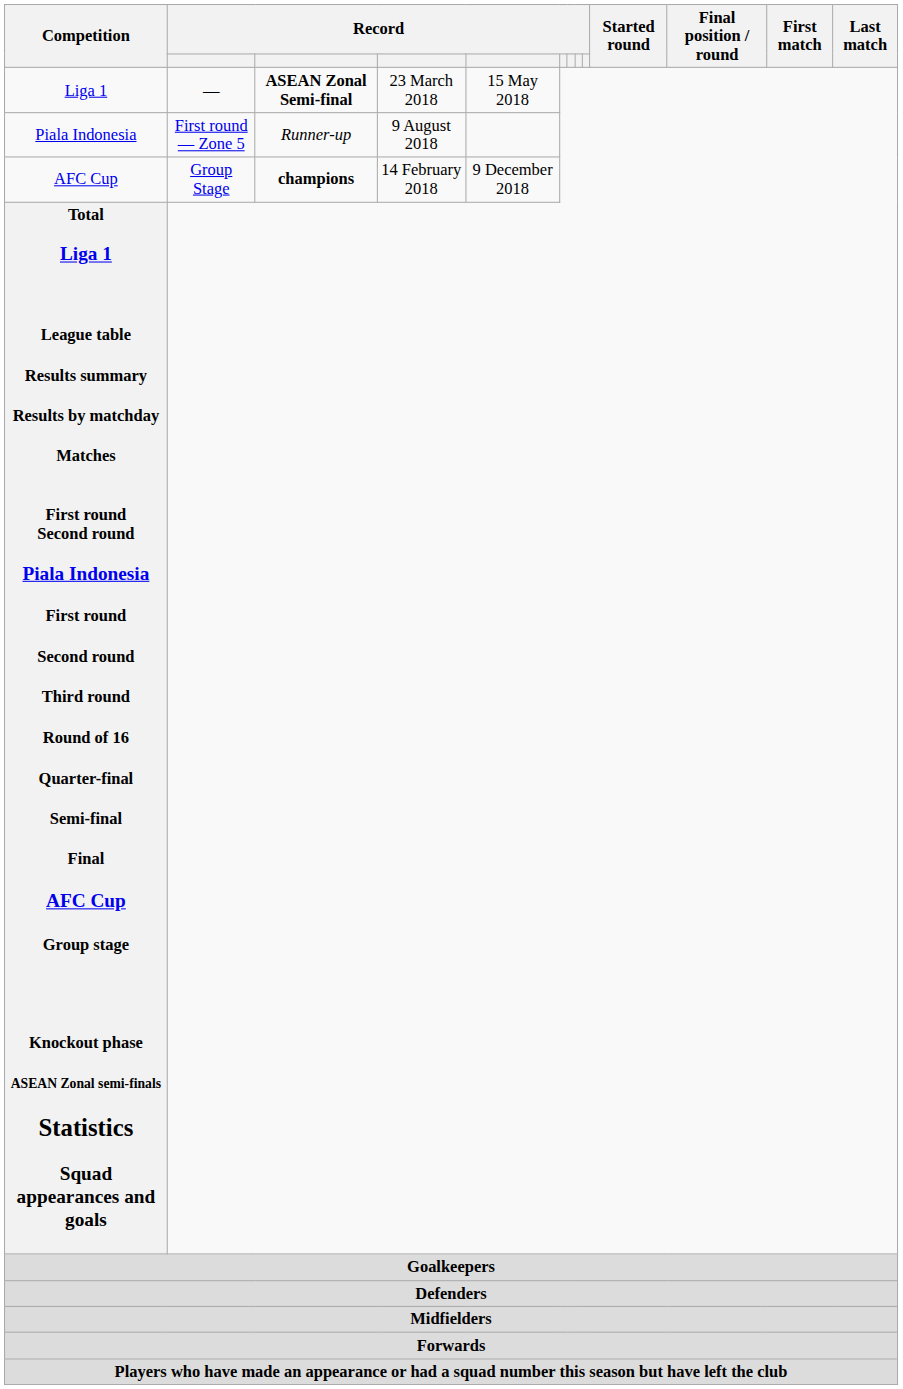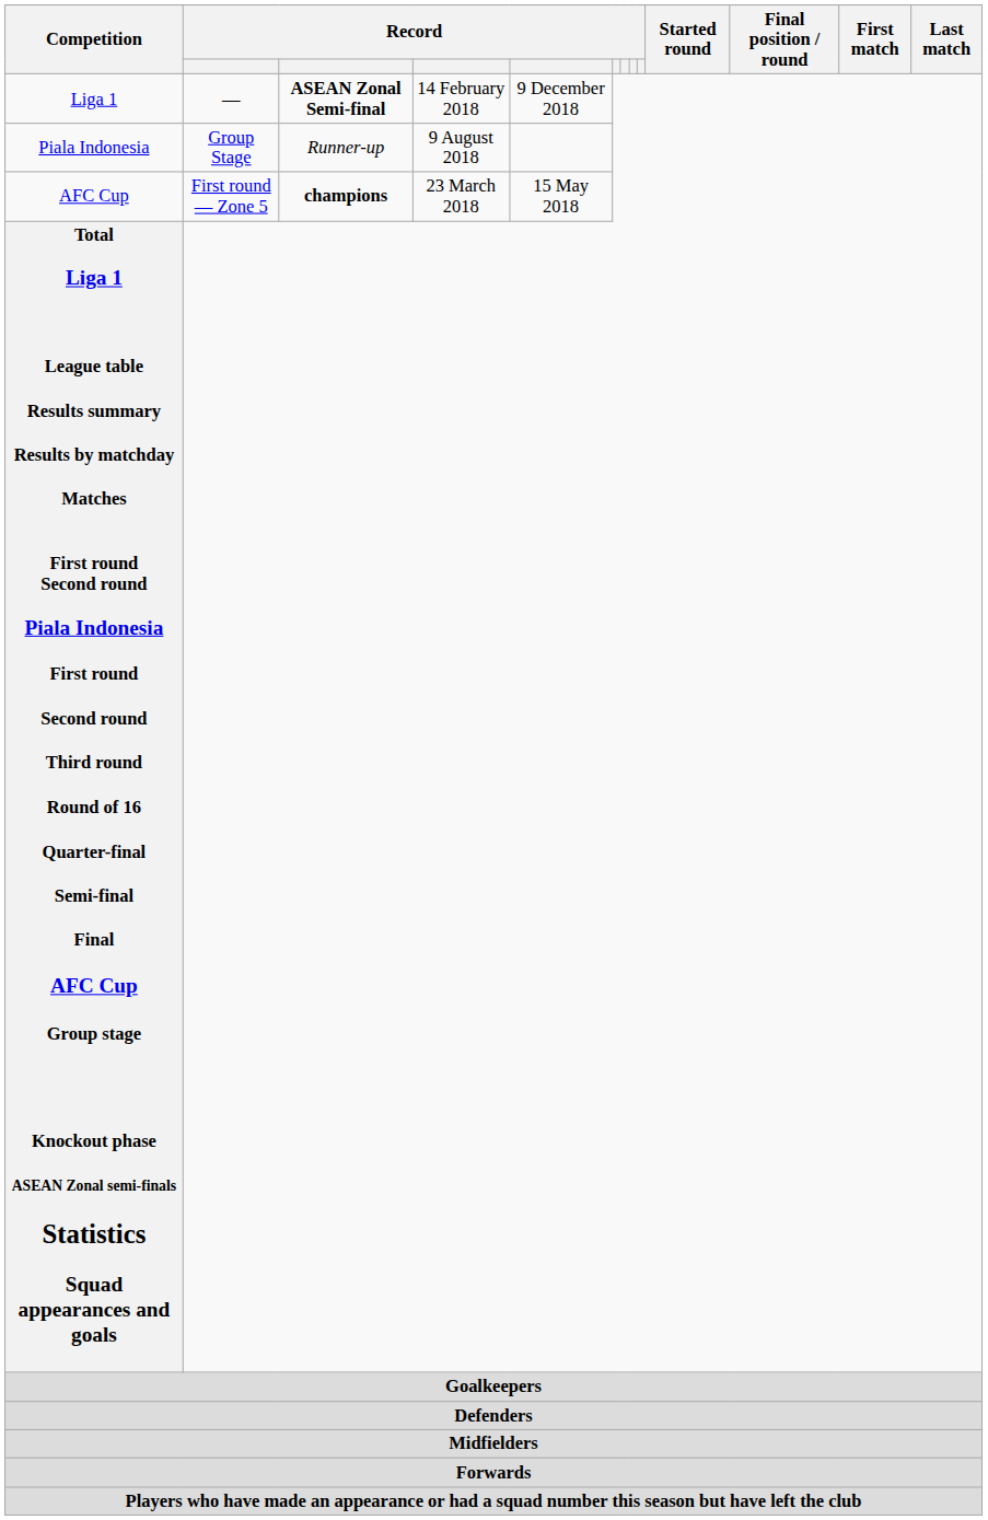 <table class="wikitable" style="text-align: center">
 <tr>
 <th rowspan=2>Competition</th>
 <th colspan=8>Record</th>
 <th rowspan=2>Started round</th>
 <th rowspan=2>Final position / round</th>
 <th rowspan=2>First match</th>
 <th rowspan=2>Last match</th>
 </tr>
 <tr>
 <th></th>
 <th></th>
 <th></th>
 <th></th>
 <th></th>
 <th></th>
 <th></th>
 <th></th>
 </tr>
 <tr>
 <td><a href='#'>Liga 1</a><br></td>
 <td>—</td>
 <td><strong>ASEAN Zonal Semi-final</strong></td>
-<td>23 March 2018</td>
-<td>15 May 2018</td>
+<td>14 February 2018</td>
+<td>9 December 2018</td>
 </tr>
 <tr>
 <td><a href='#'>Piala Indonesia</a><br></td>
-<td><a href='#'>First round — Zone 5</a></td>
+<td><a href='#'>Group Stage</a></td>
 <td><em>Runner-up</em></td>
 <td>9 August 2018</td>
 <td></td>
 </tr>
 <tr>
 <td><a href='#'>AFC Cup</a><br></td>
-<td><a href='#'>Group Stage</a></td>
+<td><a href='#'>First round — Zone 5</a></td>
 <td><strong>champions</strong></td>
-<td>14 February 2018</td>
-<td>9 December 2018</td>
+<td>23 March 2018</td>
+<td>15 May 2018</td>
 </tr>
 <tr>
 <th>Total<br> <h3><a href='#'>Liga 1</a></h3><br><h4>League table</h4><h4>Results summary</h4> <h4>Results by matchday</h4><h4>Matches</h4>  <br><strong>First round</strong>                    <br><strong>Second round</strong>                  <h3><a href='#'>Piala Indonesia</a></h3><h4>First round</h4><h4>Second round</h4><h4>Third round</h4> <h4>Round of 16</h4> <h4>Quarter-final</h4> <h4>Semi-final</h4> <h4>Final</h4>  <h3><a href='#'>AFC Cup</a></h3><h4>Group stage</h4> <br>  <br>     <h4>Knockout phase</h4><h5>ASEAN Zonal semi-finals</h5> <h2>Statistics</h2><h3>Squad appearances and goals</h3></th>
 </tr>
 <tr>
 <th colspan=14 style=background:#dcdcdc; text-align:center>Goalkeepers<br>   </th>
 </tr>
 <tr>
 <th colspan=14 style=background:#dcdcdc; text-align:center>Defenders<br>         </th>
 </tr>
 <tr>
 <th colspan=14 style=background:#dcdcdc; text-align:center>Midfielders<br>           </th>
 </tr>
 <tr>
 <th colspan=14 style=background:#dcdcdc; text-align:center>Forwards<br>    </th>
 </tr>
 <tr>
 <th colspan=14 style=background:#dcdcdc; text-align:center>Players who have made an appearance or had a squad number this season but have left the club<br>        </th>
 </tr>
 <tr>
 </tr>
 </table>
